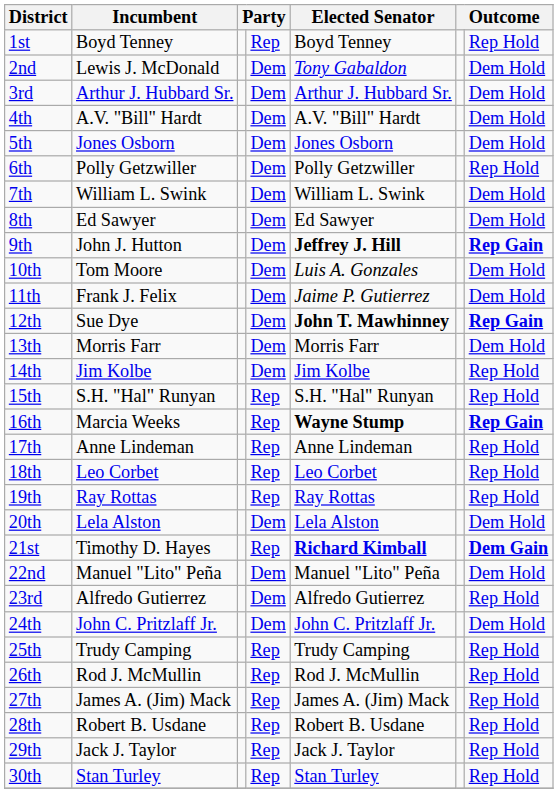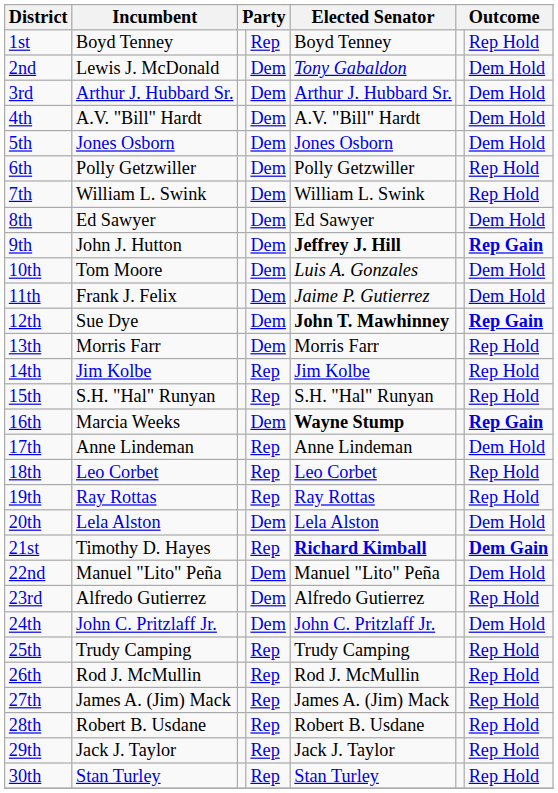 <table class="sortable wikitable" style="font-size:95%;line-height:14px;">
 <tr>
 <th>District</th>
 <th>Incumbent</th>
 <th colspan="2">Party</th>
 <th>Elected Senator</th>
 <th colspan="2">Outcome</th>
 </tr>
 <tr>
 <td><a href='#'>1st</a></td>
 <td>Boyd Tenney</td>
 <td style="background:"></td>
 <td><a href='#'>Rep</a></td>
 <td>Boyd Tenney</td>
 <td style="background:"></td>
 <td><a href='#'>Rep Hold</a></td>
 </tr>
 <tr>
 <td><a href='#'>2nd</a></td>
 <td>Lewis J. McDonald</td>
 <td style="background:"></td>
 <td><a href='#'>Dem</a></td>
 <td><em><a href='#'>Tony Gabaldon</a></em></td>
 <td style="background:"></td>
 <td><a href='#'>Dem Hold</a></td>
 </tr>
 <tr>
 <td><a href='#'>3rd</a></td>
 <td><a href='#'>Arthur J. Hubbard Sr.</a></td>
 <td style="background:"></td>
 <td><a href='#'>Dem</a></td>
 <td><a href='#'>Arthur J. Hubbard Sr.</a></td>
 <td style="background:"></td>
 <td><a href='#'>Dem Hold</a></td>
 </tr>
 <tr>
 <td><a href='#'>4th</a></td>
 <td>A.V. "Bill" Hardt</td>
 <td style="background:"></td>
 <td><a href='#'>Dem</a></td>
 <td>A.V. "Bill" Hardt</td>
 <td style="background:"></td>
 <td><a href='#'>Dem Hold</a></td>
 </tr>
 <tr>
 <td><a href='#'>5th</a></td>
 <td><a href='#'>Jones Osborn</a></td>
 <td style="background:"></td>
 <td><a href='#'>Dem</a></td>
 <td><a href='#'>Jones Osborn</a></td>
 <td style="background:"></td>
 <td><a href='#'>Dem Hold</a></td>
 </tr>
 <tr>
 <td><a href='#'>6th</a></td>
 <td>Polly Getzwiller</td>
 <td style="background:"></td>
 <td><a href='#'>Dem</a></td>
 <td>Polly Getzwiller</td>
 <td style="background:"></td>
 <td><a href='#'>Rep Hold</a></td>
 </tr>
 <tr>
 <td><a href='#'>7th</a></td>
 <td>William L. Swink</td>
 <td style="background:"></td>
 <td><a href='#'>Dem</a></td>
 <td>William L. Swink</td>
 <td style="background:"></td>
-<td><a href='#'>Dem Hold</a></td>
+<td><a href='#'>Rep Hold</a></td>
 </tr>
 <tr>
 <td><a href='#'>8th</a></td>
 <td>Ed Sawyer</td>
 <td style="background:"></td>
 <td><a href='#'>Dem</a></td>
 <td>Ed Sawyer</td>
 <td style="background:"></td>
 <td><a href='#'>Dem Hold</a></td>
 </tr>
 <tr>
 <td><a href='#'>9th</a></td>
 <td>John J. Hutton</td>
 <td style="background:"></td>
 <td><a href='#'>Dem</a></td>
 <td><strong>Jeffrey J. Hill</strong></td>
 <td style="background:"></td>
 <td><strong><a href='#'>Rep Gain</a></strong></td>
 </tr>
 <tr>
 <td><a href='#'>10th</a></td>
 <td>Tom Moore</td>
 <td style="background:"></td>
 <td><a href='#'>Dem</a></td>
 <td><em>Luis A. Gonzales</em></td>
 <td style="background:"></td>
 <td><a href='#'>Dem Hold</a></td>
 </tr>
 <tr>
 <td><a href='#'>11th</a></td>
 <td>Frank J. Felix</td>
 <td style="background:"></td>
 <td><a href='#'>Dem</a></td>
 <td><em>Jaime P. Gutierrez</em></td>
 <td style="background:"></td>
 <td><a href='#'>Dem Hold</a></td>
 </tr>
 <tr>
 <td><a href='#'>12th</a></td>
 <td>Sue Dye</td>
 <td style="background:"></td>
 <td><a href='#'>Dem</a></td>
 <td><strong>John T. Mawhinney</strong></td>
 <td style="background:"></td>
 <td><strong><a href='#'>Rep Gain</a></strong></td>
 </tr>
 <tr>
 <td><a href='#'>13th</a></td>
 <td>Morris Farr</td>
 <td style="background:"></td>
 <td><a href='#'>Dem</a></td>
 <td>Morris Farr</td>
 <td style="background:"></td>
-<td><a href='#'>Dem Hold</a></td>
+<td><a href='#'>Rep Hold</a></td>
 </tr>
 <tr>
 <td><a href='#'>14th</a></td>
 <td><a href='#'>Jim Kolbe</a></td>
 <td style="background:"></td>
-<td><a href='#'>Dem</a></td>
+<td><a href='#'>Rep</a></td>
 <td><a href='#'>Jim Kolbe</a></td>
 <td style="background:"></td>
 <td><a href='#'>Rep Hold</a></td>
 </tr>
 <tr>
 <td><a href='#'>15th</a></td>
 <td>S.H. "Hal" Runyan</td>
 <td style="background:"></td>
 <td><a href='#'>Rep</a></td>
 <td>S.H. "Hal" Runyan</td>
 <td style="background:"></td>
 <td><a href='#'>Rep Hold</a></td>
 </tr>
 <tr>
 <td><a href='#'>16th</a></td>
 <td>Marcia Weeks</td>
 <td style="background:"></td>
-<td><a href='#'>Rep</a></td>
+<td><a href='#'>Dem</a></td>
 <td><strong>Wayne Stump</strong></td>
 <td style="background:"></td>
 <td><strong><a href='#'>Rep Gain</a></strong></td>
 </tr>
 <tr>
 <td><a href='#'>17th</a></td>
 <td>Anne Lindeman</td>
 <td style="background:"></td>
 <td><a href='#'>Rep</a></td>
 <td>Anne Lindeman</td>
 <td style="background:"></td>
-<td><a href='#'>Rep Hold</a></td>
+<td><a href='#'>Dem Hold</a></td>
 </tr>
 <tr>
 <td><a href='#'>18th</a></td>
 <td><a href='#'>Leo Corbet</a></td>
 <td style="background:"></td>
 <td><a href='#'>Rep</a></td>
 <td><a href='#'>Leo Corbet</a></td>
 <td style="background:"></td>
 <td><a href='#'>Rep Hold</a></td>
 </tr>
 <tr>
 <td><a href='#'>19th</a></td>
 <td><a href='#'>Ray Rottas</a></td>
 <td style="background:"></td>
 <td><a href='#'>Rep</a></td>
 <td><a href='#'>Ray Rottas</a></td>
 <td style="background:"></td>
 <td><a href='#'>Rep Hold</a></td>
 </tr>
 <tr>
 <td><a href='#'>20th</a></td>
 <td><a href='#'>Lela Alston</a></td>
 <td style="background:"></td>
 <td><a href='#'>Dem</a></td>
 <td><a href='#'>Lela Alston</a></td>
 <td style="background:"></td>
 <td><a href='#'>Dem Hold</a></td>
 </tr>
 <tr>
 <td><a href='#'>21st</a></td>
 <td>Timothy D. Hayes</td>
 <td style="background:"></td>
 <td><a href='#'>Rep</a></td>
 <td><strong><a href='#'>Richard Kimball</a></strong></td>
 <td style="background:"></td>
 <td><strong><a href='#'>Dem Gain</a></strong></td>
 </tr>
 <tr>
 <td><a href='#'>22nd</a></td>
 <td>Manuel "Lito" Peña</td>
 <td style="background:"></td>
 <td><a href='#'>Dem</a></td>
 <td>Manuel "Lito" Peña</td>
 <td style="background:"></td>
 <td><a href='#'>Dem Hold</a></td>
 </tr>
 <tr>
 <td><a href='#'>23rd</a></td>
 <td>Alfredo Gutierrez</td>
 <td style="background:"></td>
 <td><a href='#'>Dem</a></td>
 <td>Alfredo Gutierrez</td>
 <td style="background:"></td>
 <td><a href='#'>Rep Hold</a></td>
 </tr>
 <tr>
 <td><a href='#'>24th</a></td>
 <td><a href='#'>John C. Pritzlaff Jr.</a></td>
 <td style="background:"></td>
 <td><a href='#'>Dem</a></td>
 <td><a href='#'>John C. Pritzlaff Jr.</a></td>
 <td style="background:"></td>
 <td><a href='#'>Dem Hold</a></td>
 </tr>
 <tr>
 <td><a href='#'>25th</a></td>
 <td>Trudy Camping</td>
 <td style="background:"></td>
 <td><a href='#'>Rep</a></td>
 <td>Trudy Camping</td>
 <td style="background:"></td>
 <td><a href='#'>Rep Hold</a></td>
 </tr>
 <tr>
 <td><a href='#'>26th</a></td>
 <td>Rod J. McMullin</td>
 <td style="background:"></td>
 <td><a href='#'>Rep</a></td>
 <td>Rod J. McMullin</td>
 <td style="background:"></td>
 <td><a href='#'>Rep Hold</a></td>
 </tr>
 <tr>
 <td><a href='#'>27th</a></td>
 <td>James A. (Jim) Mack</td>
 <td style="background:"></td>
 <td><a href='#'>Rep</a></td>
 <td>James A. (Jim) Mack</td>
 <td style="background:"></td>
 <td><a href='#'>Rep Hold</a></td>
 </tr>
 <tr>
 <td><a href='#'>28th</a></td>
 <td>Robert B. Usdane</td>
 <td style="background:"></td>
 <td><a href='#'>Rep</a></td>
 <td>Robert B. Usdane</td>
 <td style="background:"></td>
 <td><a href='#'>Rep Hold</a></td>
 </tr>
 <tr>
 <td><a href='#'>29th</a></td>
 <td>Jack J. Taylor</td>
 <td style="background:"></td>
 <td><a href='#'>Rep</a></td>
 <td>Jack J. Taylor</td>
 <td style="background:"></td>
 <td><a href='#'>Rep Hold</a></td>
 </tr>
 <tr>
 <td><a href='#'>30th</a></td>
 <td><a href='#'>Stan Turley</a></td>
 <td style="background:"></td>
 <td><a href='#'>Rep</a></td>
 <td><a href='#'>Stan Turley</a></td>
 <td style="background:"></td>
 <td><a href='#'>Rep Hold</a></td>
 </tr>
 <tr>
 </tr>
 </table>
